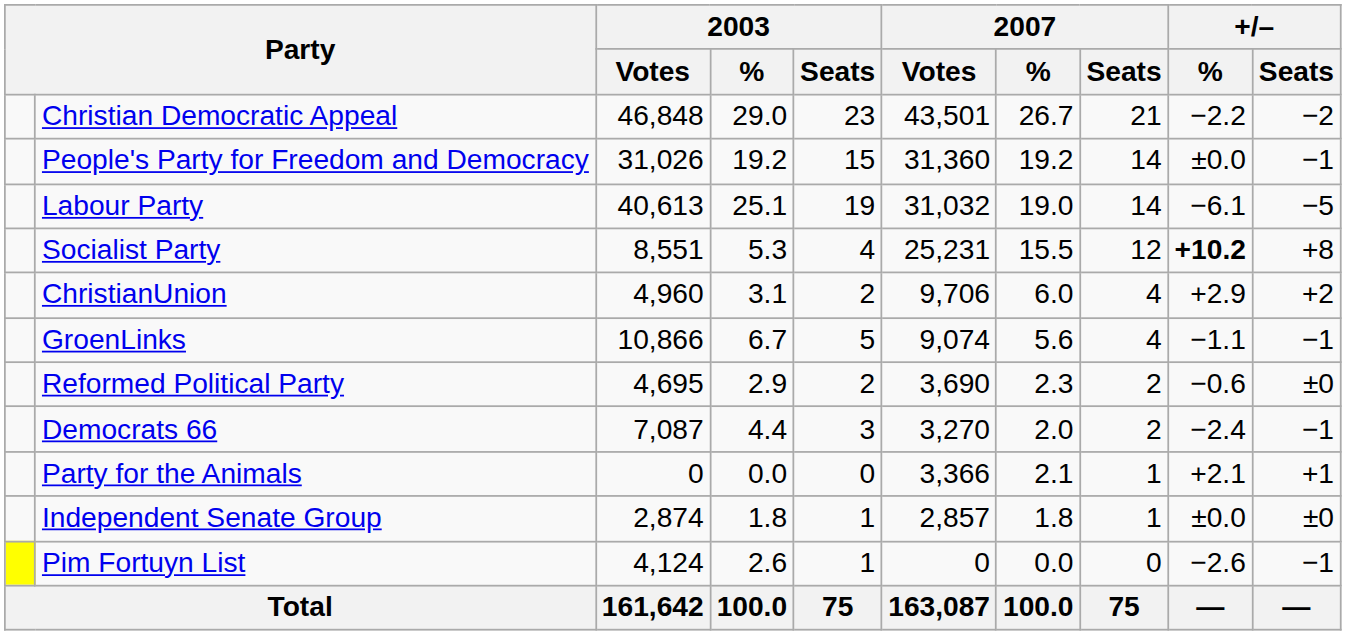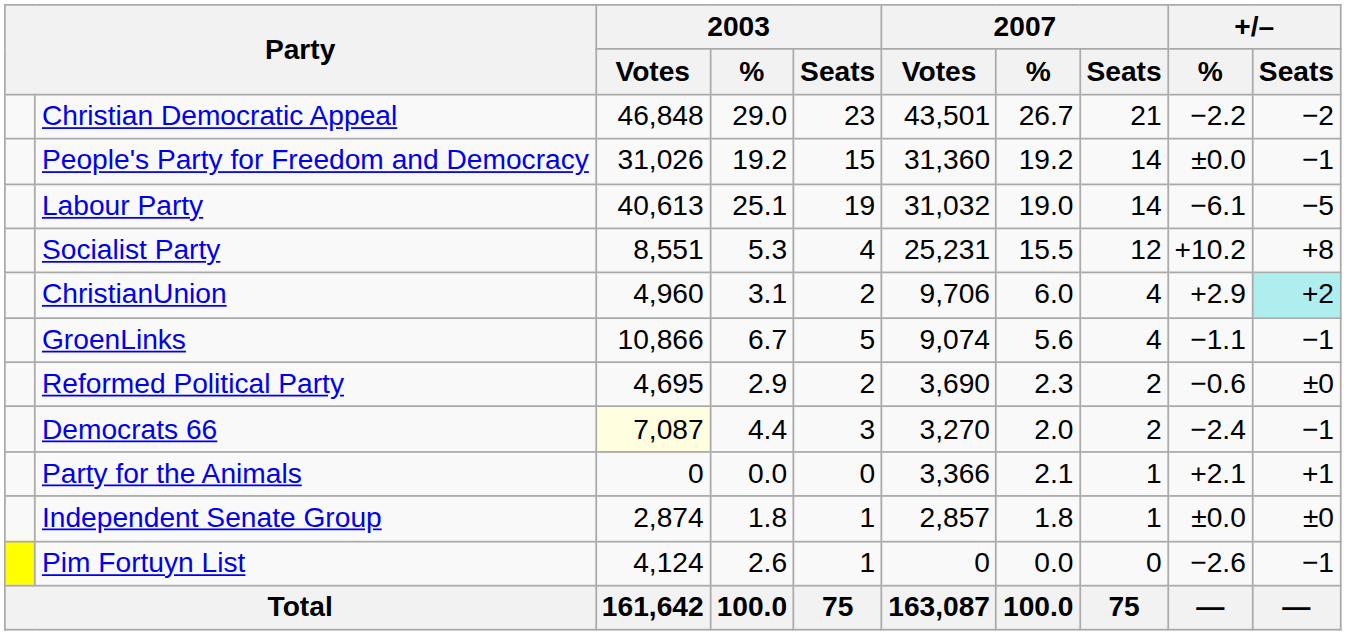 <table class="wikitable">
 <tr>
 <th colspan=2 rowspan=2>Party</th>
 <th colspan=3>2003</th>
 <th colspan=3>2007</th>
 <th colspan=2>+/–</th>
 </tr>
 <tr>
 <th>Votes</th>
 <th>%</th>
 <th>Seats</th>
 <th>Votes</th>
 <th>%</th>
 <th>Seats</th>
 <th>%</th>
 <th>Seats</th>
 </tr>
 <tr --->
 <td style="width: 10px" bgcolor=></td>
 <td><a href='#'>Christian Democratic Appeal</a></td>
 <td align="right">46,848</td>
 <td align="right">29.0</td>
 <td align="right">23</td>
 <td align="right">43,501</td>
 <td align="right">26.7</td>
 <td align="right">21</td>
 <td align="right">−2.2</td>
 <td align="right">−2</td>
 </tr>
 <tr --->
 <td style="width: 10px" bgcolor=></td>
 <td><a href='#'>People's Party for Freedom and Democracy</a></td>
 <td align="right">31,026</td>
 <td align="right">19.2</td>
 <td align="right">15</td>
 <td align="right">31,360</td>
 <td align="right">19.2</td>
 <td align="right">14</td>
 <td align="right">±0.0</td>
 <td align="right">−1</td>
 </tr>
 <tr --->
 <td style="width: 10px" bgcolor=></td>
 <td><a href='#'>Labour Party</a></td>
 <td align="right">40,613</td>
 <td align="right">25.1</td>
 <td align="right">19</td>
 <td align="right">31,032</td>
 <td align="right">19.0</td>
 <td align="right">14</td>
 <td align="right">−6.1</td>
 <td align="right">−5</td>
 </tr>
 <tr --->
 <td style="width: 10px" bgcolor=></td>
 <td><a href='#'>Socialist Party</a></td>
 <td align="right">8,551</td>
 <td align="right">5.3</td>
 <td align="right">4</td>
 <td align="right">25,231</td>
 <td align="right">15.5</td>
 <td align="right">12</td>
-<td align="right"><strong>+10.2</strong></td>
+<td align="right">+10.2</td>
 <td align="right">+8</td>
 </tr>
 <tr --->
 <td style="width: 10px" bgcolor=></td>
 <td><a href='#'>ChristianUnion</a></td>
 <td align="right">4,960</td>
 <td align="right">3.1</td>
 <td align="right">2</td>
 <td align="right">9,706</td>
 <td align="right">6.0</td>
 <td align="right">4</td>
 <td align="right">+2.9</td>
-<td align="right">+2</td>
+<td align="right" style="background: paleturquoise;">+2</td>
 </tr>
 <tr --->
 <td style="width: 10px" bgcolor=></td>
 <td><a href='#'>GroenLinks</a></td>
 <td align="right">10,866</td>
 <td align="right">6.7</td>
 <td align="right">5</td>
 <td align="right">9,074</td>
 <td align="right">5.6</td>
 <td align="right">4</td>
 <td align="right">−1.1</td>
 <td align="right">−1</td>
 </tr>
 <tr --->
 <td style="width: 10px" bgcolor=></td>
 <td><a href='#'>Reformed Political Party</a></td>
 <td align="right">4,695</td>
 <td align="right">2.9</td>
 <td align="right">2</td>
 <td align="right">3,690</td>
 <td align="right">2.3</td>
 <td align="right">2</td>
 <td align="right">−0.6</td>
 <td align="right">±0</td>
 </tr>
 <tr --->
 <td style="width: 10px" bgcolor=></td>
 <td><a href='#'>Democrats 66</a></td>
-<td align="right">7,087</td>
+<td align="right" style="background: lightyellow;">7,087</td>
 <td align="right">4.4</td>
 <td align="right">3</td>
 <td align="right">3,270</td>
 <td align="right">2.0</td>
 <td align="right">2</td>
 <td align="right">−2.4</td>
 <td align="right">−1</td>
 </tr>
 <tr --->
 <td style="width: 10px" bgcolor=></td>
 <td><a href='#'>Party for the Animals</a></td>
 <td align="right">0</td>
 <td align="right">0.0</td>
 <td align="right">0</td>
 <td align="right">3,366</td>
 <td align="right">2.1</td>
 <td align="right">1</td>
 <td align="right">+2.1</td>
 <td align="right">+1</td>
 </tr>
 <tr --->
 <td style="width: 10px" bgcolor=></td>
 <td><a href='#'>Independent Senate Group</a></td>
 <td align="right">2,874</td>
 <td align="right">1.8</td>
 <td align="right">1</td>
 <td align="right">2,857</td>
 <td align="right">1.8</td>
 <td align="right">1</td>
 <td align="right">±0.0</td>
 <td align="right">±0</td>
 </tr>
 <tr --->
 <td style="width: 10px" bgcolor=#FFFF00 align="center"></td>
 <td><a href='#'>Pim Fortuyn List</a></td>
 <td align="right">4,124</td>
 <td align="right">2.6</td>
 <td align="right">1</td>
 <td align="right">0</td>
 <td align="right">0.0</td>
 <td align="right">0</td>
 <td align="right">−2.6</td>
 <td align="right">−1</td>
 </tr>
 <tr --->
 <th colspan=2 align="left"><strong>Total</strong></th>
 <th align="right">161,642</th>
 <th align="right">100.0</th>
 <th align="right">75</th>
 <th align="right">163,087</th>
 <th align="right">100.0</th>
 <th align="right">75</th>
 <th align="right">—</th>
 <th align="right">—</th>
 </tr>
 </table>
